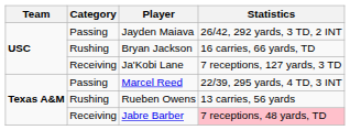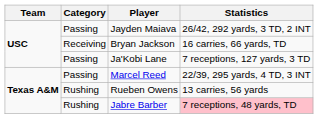 <table class="wikitable" style="float: right;">
 <tr>
 <th>Team</th>
 <th>Category</th>
 <th>Player</th>
 <th>Statistics</th>
 </tr>
 <tr>
 <td rowspan=3><strong>USC</strong></td>
 <td>Passing</td>
 <td>Jayden Maiava</td>
 <td>26/42, 292 yards, 3 TD, 2 INT</td>
 </tr>
 <tr>
-<td>Rushing</td>
+<td>Receiving</td>
 <td>Bryan Jackson</td>
 <td>16 carries, 66 yards, TD</td>
 </tr>
 <tr>
-<td>Receiving</td>
+<td>Passing</td>
 <td>Ja'Kobi Lane</td>
 <td>7 receptions, 127 yards, 3 TD</td>
 </tr>
 <tr>
 <td rowspan=3><strong>Texas A&M</strong></td>
 <td>Passing</td>
 <td><a href='#'>Marcel Reed</a></td>
 <td>22/39, 295 yards, 4 TD, 3 INT</td>
 </tr>
 <tr>
 <td>Rushing</td>
 <td>Rueben Owens</td>
 <td>13 carries, 56 yards</td>
 </tr>
 <tr>
-<td>Receiving</td>
+<td>Rushing</td>
 <td><a href='#'>Jabre Barber</a></td>
 <td style="background: pink;">7 receptions, 48 yards, TD</td>
 </tr>
 </table>
